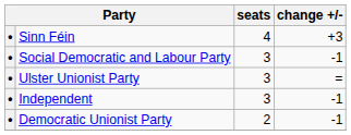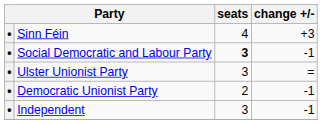 <table class="wikitable" style="font-size: 95%;">
 <tr>
 <th colspan=2>Party</th>
 <th>seats</th>
 <th>change +/-</th>
 </tr>
 <tr>
 <th style="background-color: "><span>•</span></th>
 <td><a href='#'>Sinn Féin</a></td>
 <td align="right">4</td>
 <td align="right">+3</td>
 </tr>
 <tr>
 <th style="background-color: "><span>•</span></th>
 <td><a href='#'>Social Democratic and Labour Party</a></td>
-<td align="right">3</td>
+<td align="right"><strong>3</strong></td>
 <td align="right">-1</td>
 </tr>
 <tr>
 <th style="background-color: "><span>•</span></th>
 <td><a href='#'>Ulster Unionist Party</a></td>
 <td align="right">3</td>
 <td align="right">=</td>
 </tr>
 <tr>
 <th style="background-color: "><span>•</span></th>
+<td><a href='#'>Democratic Unionist Party</a></td>
+<td align="right">2</td>
+<td align="right">-1</td>
+</tr>
+<tr>
+<th style="background-color: "><span>•</span></th>
 <td><a href='#'>Independent</a></td>
 <td align="right">3</td>
 <td align="right">-1</td>
 </tr>
 <tr>
-<th style="background-color: "><span>•</span></th>
-<td><a href='#'>Democratic Unionist Party</a></td>
-<td align="right">2</td>
-<td align="right">-1</td>
-</tr>
-<tr>
 </tr>
 </table>
